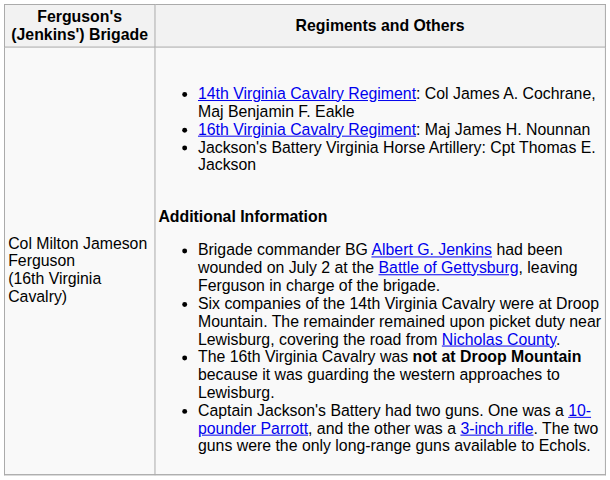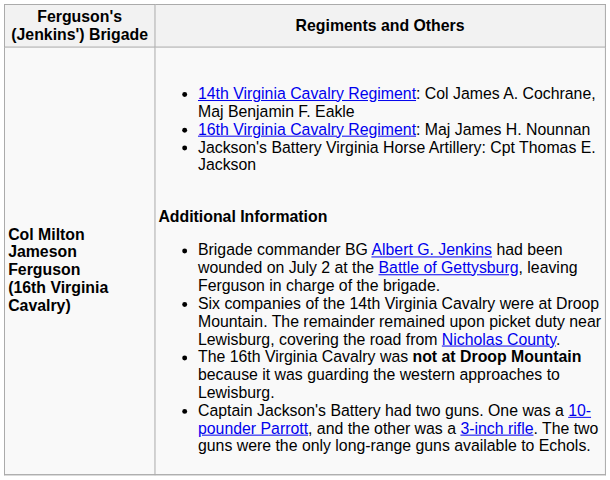 <table class="wikitable">
 <tr>
 <th width=25%>Ferguson's (Jenkins') Brigade</th>
 <th>Regiments and Others</th>
 </tr>
 <tr>
-<td><br>Col Milton Jameson Ferguson<br>(16th Virginia Cavalry)</td>
+<td><strong><br>Col Milton Jameson Ferguson<br>(16th Virginia Cavalry)</strong></td>
 <td><br><ul><li><a href='#'>14th Virginia Cavalry Regiment</a>: Col James A. Cochrane, Maj Benjamin F. Eakle</li><li><a href='#'>16th Virginia Cavalry Regiment</a>: Maj James H. Nounnan</li><li>Jackson's Battery Virginia Horse Artillery: Cpt Thomas E. Jackson</li></ul><br> <strong>Additional Information</strong><ul><li>Brigade commander BG <a href='#'>Albert G. Jenkins</a> had been wounded on July 2 at the <a href='#'>Battle of Gettysburg</a>, leaving Ferguson in charge of the brigade.</li><li>Six companies of the 14th Virginia Cavalry were at Droop Mountain. The remainder remained upon picket duty near Lewisburg, covering the road from <a href='#'>Nicholas County</a>.</li><li>The 16th Virginia Cavalry was <strong>not at Droop Mountain</strong> because it was guarding the western approaches to Lewisburg.</li><li>Captain Jackson's Battery had two guns. One was a <a href='#'>10-pounder Parrott</a>, and the other was a <a href='#'>3-inch rifle</a>. The two guns were the only long-range guns available to Echols.</li></ul></td>
 </tr>
 <tr>
 </tr>
 </table>
